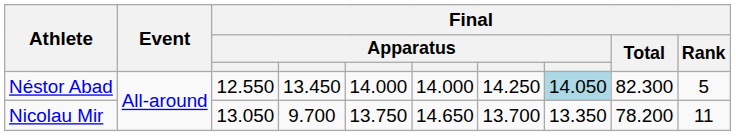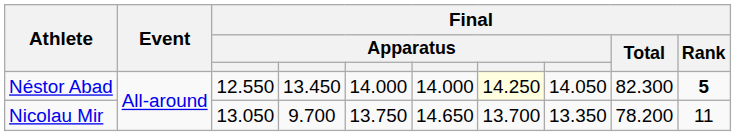 <table class="wikitable" style="font-size:90%">
 <tr>
 <th rowspan=3>Athlete</th>
 <th rowspan=3>Event</th>
 <th colspan =8>Final</th>
 </tr>
 <tr style="font-size:95%">
 <th colspan=6>Apparatus</th>
 <th rowspan=2>Total</th>
 <th rowspan=2>Rank</th>
 </tr>
 <tr style="font-size:95%">
 <th></th>
 <th></th>
 <th></th>
 <th></th>
 <th></th>
 <th></th>
 </tr>
 <tr align=center>
 <td align=left><a href='#'>Néstor Abad</a></td>
 <td align=left rowspan=2><a href='#'>All-around</a></td>
 <td>12.550</td>
 <td>13.450</td>
 <td>14.000</td>
 <td>14.000</td>
-<td>14.250</td>
-<td style="background: lightblue;">14.050</td>
+<td style="background: lightyellow;">14.250</td>
+<td>14.050</td>
 <td>82.300</td>
-<td>5</td>
+<td><strong>5</strong></td>
 </tr>
 <tr align=center>
 <td align=left><a href='#'>Nicolau Mir</a></td>
 <td>13.050</td>
 <td>9.700</td>
 <td>13.750</td>
 <td>14.650</td>
 <td>13.700</td>
 <td>13.350</td>
 <td>78.200</td>
 <td>11</td>
 </tr>
 </table>
